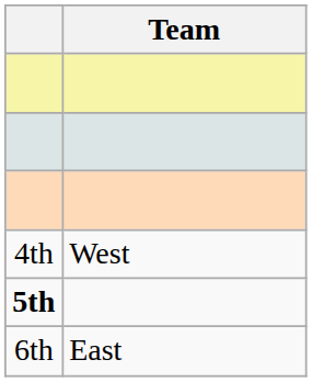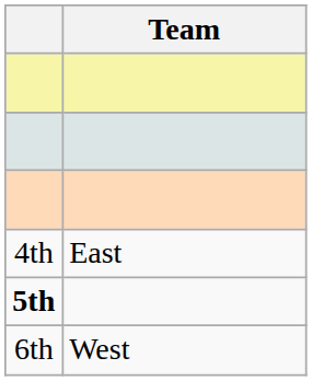 <table class="wikitable" style="text-align:center">
 <tr>
 <th width=15></th>
 <th width=120>Team</th>
 </tr>
 <tr bgcolor="#F7F6A8">
 <td align="center" style="height:23px"></td>
 <td align=left></td>
 </tr>
 <tr bgcolor="#DCE5E5">
 <td align="center" style="height:23px"></td>
 <td align=left></td>
 </tr>
 <tr bgcolor="#FFDAB9">
 <td align="center" style="height:23px"></td>
 <td align=left></td>
 </tr>
 <tr>
 <td>4th</td>
-<td align=left> West</td>
+<td align=left> East</td>
 </tr>
 <tr>
 <td><strong>5th</strong></td>
 <td align=left></td>
 </tr>
 <tr>
 <td>6th</td>
-<td align=left> East</td>
+<td align=left> West</td>
 </tr>
 </table>
